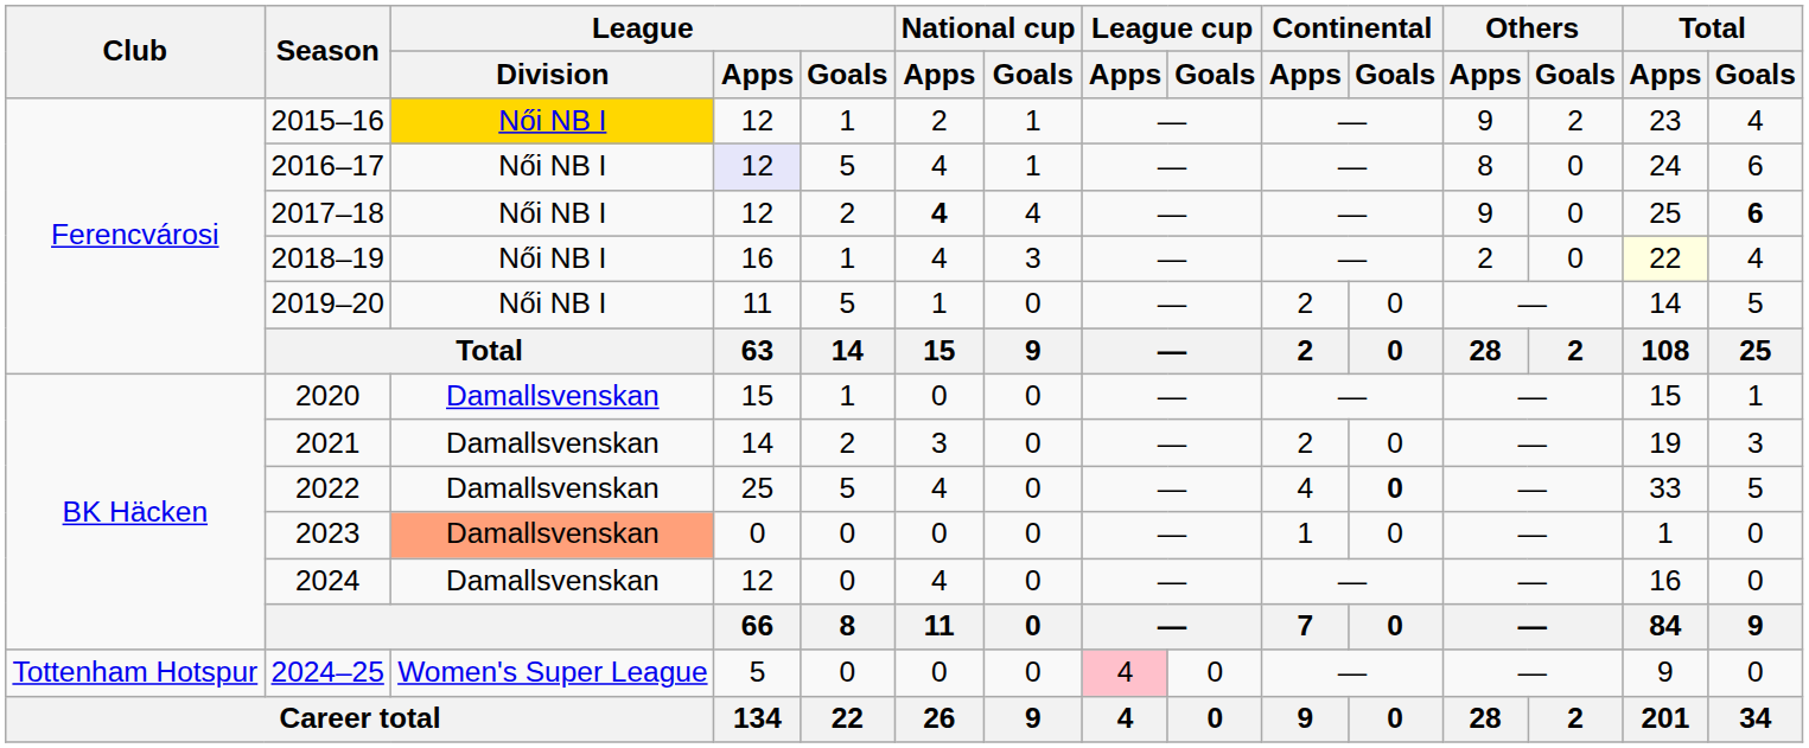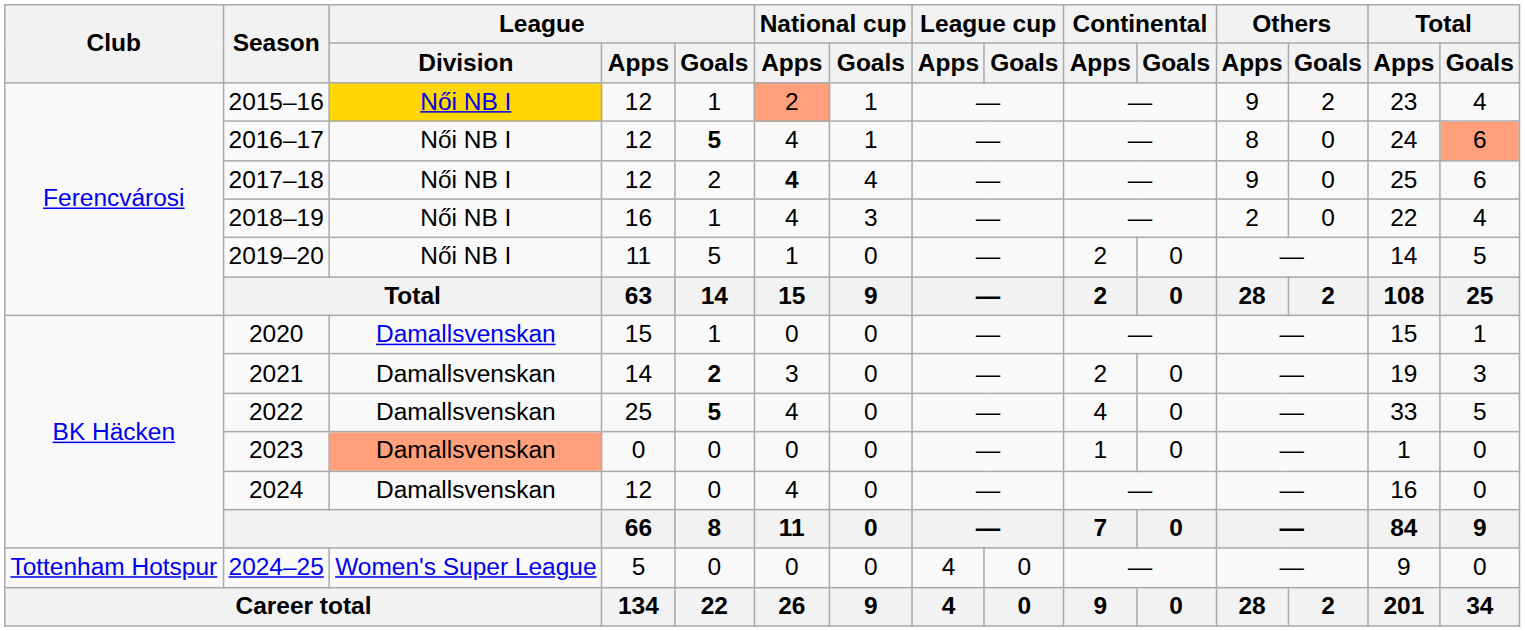 <table class="wikitable" style="text-align:center">
 <tr>
 <th rowspan="2">Club</th>
 <th rowspan="2">Season</th>
 <th colspan="3">League</th>
 <th colspan="2">National cup</th>
 <th colspan="2">League cup</th>
 <th colspan="2">Continental</th>
 <th colspan="2">Others</th>
 <th colspan="2">Total</th>
 </tr>
 <tr>
 <th>Division</th>
 <th>Apps</th>
 <th>Goals</th>
 <th>Apps</th>
 <th>Goals</th>
 <th>Apps</th>
 <th>Goals</th>
 <th>Apps</th>
 <th>Goals</th>
 <th>Apps</th>
 <th>Goals</th>
 <th>Apps</th>
 <th>Goals</th>
 </tr>
 <tr>
 <td rowspan="6"><a href='#'>Ferencvárosi</a></td>
 <td>2015–16</td>
 <td style="background: gold;"><a href='#'>Női NB I</a></td>
 <td>12</td>
 <td>1</td>
-<td>2</td>
+<td style="background: lightsalmon;">2</td>
 <td>1</td>
 <td colspan="2">—</td>
 <td colspan="2">—</td>
 <td>9</td>
 <td>2</td>
 <td>23</td>
 <td>4</td>
 </tr>
 <tr>
 <td>2016–17</td>
 <td>Női NB I</td>
-<td style="background: lavender;">12</td>
-<td>5</td>
+<td>12</td>
+<td><strong>5</strong></td>
 <td>4</td>
 <td>1</td>
 <td colspan="2">—</td>
 <td colspan="2">—</td>
 <td>8</td>
 <td>0</td>
 <td>24</td>
-<td>6</td>
+<td style="background: lightsalmon;">6</td>
 </tr>
 <tr>
 <td>2017–18</td>
 <td>Női NB I</td>
 <td>12</td>
 <td>2</td>
 <td><strong>4</strong></td>
 <td>4</td>
 <td colspan="2">—</td>
 <td colspan="2">—</td>
 <td>9</td>
 <td>0</td>
 <td>25</td>
-<td><strong>6</strong></td>
+<td>6</td>
 </tr>
 <tr>
 <td>2018–19</td>
 <td>Női NB I</td>
 <td>16</td>
 <td>1</td>
 <td>4</td>
 <td>3</td>
 <td colspan="2">—</td>
 <td colspan="2">—</td>
 <td>2</td>
 <td>0</td>
-<td style="background: lightyellow;">22</td>
+<td>22</td>
 <td>4</td>
 </tr>
 <tr>
 <td>2019–20</td>
 <td>Női NB I</td>
 <td>11</td>
 <td>5</td>
 <td>1</td>
 <td>0</td>
 <td colspan="2">—</td>
 <td>2</td>
 <td>0</td>
 <td colspan="2">—</td>
 <td>14</td>
 <td>5</td>
 </tr>
 <tr>
 <th colspan="2">Total</th>
 <th>63</th>
 <th>14</th>
 <th>15</th>
 <th>9</th>
 <th colspan="2">—</th>
 <th>2</th>
 <th>0</th>
 <th>28</th>
 <th>2</th>
 <th>108</th>
 <th>25</th>
 </tr>
 <tr>
 <td rowspan="6"><a href='#'>BK Häcken</a></td>
 <td>2020</td>
 <td><a href='#'>Damallsvenskan</a></td>
 <td>15</td>
 <td>1</td>
 <td>0</td>
 <td>0</td>
 <td colspan="2">—</td>
 <td colspan="2">—</td>
 <td colspan="2">—</td>
 <td>15</td>
 <td>1</td>
 </tr>
 <tr>
 <td>2021</td>
 <td>Damallsvenskan</td>
 <td>14</td>
-<td>2</td>
+<td><strong>2</strong></td>
 <td>3</td>
 <td>0</td>
 <td colspan="2">—</td>
 <td>2</td>
 <td>0</td>
 <td colspan="2">—</td>
 <td>19</td>
 <td>3</td>
 </tr>
 <tr>
 <td>2022</td>
 <td>Damallsvenskan</td>
 <td>25</td>
-<td>5</td>
+<td><strong>5</strong></td>
 <td>4</td>
 <td>0</td>
 <td colspan="2">—</td>
 <td>4</td>
-<td><strong>0</strong></td>
+<td>0</td>
 <td colspan="2">—</td>
 <td>33</td>
 <td>5</td>
 </tr>
 <tr>
 <td>2023</td>
 <td style="background: lightsalmon;">Damallsvenskan</td>
 <td>0</td>
 <td>0</td>
 <td>0</td>
 <td>0</td>
 <td colspan="2">—</td>
 <td>1</td>
 <td>0</td>
 <td colspan="2">—</td>
 <td>1</td>
 <td>0</td>
 </tr>
 <tr>
 <td>2024</td>
 <td>Damallsvenskan</td>
 <td>12</td>
 <td>0</td>
 <td>4</td>
 <td>0</td>
 <td colspan="2">—</td>
 <td colspan="2">—</td>
 <td colspan="2">—</td>
 <td>16</td>
 <td>0</td>
 </tr>
 <tr>
 <th colspan="2"></th>
 <th>66</th>
 <th>8</th>
 <th>11</th>
 <th>0</th>
 <th colspan="2">—</th>
 <th>7</th>
 <th>0</th>
 <th colspan="2">—</th>
 <th>84</th>
 <th>9</th>
 </tr>
 <tr>
 <td><a href='#'>Tottenham Hotspur</a></td>
 <td><a href='#'>2024–25</a></td>
 <td><a href='#'>Women's Super League</a></td>
 <td>5</td>
 <td>0</td>
 <td>0</td>
 <td>0</td>
-<td style="background: pink;">4</td>
+<td>4</td>
 <td>0</td>
 <td colspan="2">—</td>
 <td colspan="2">—</td>
 <td>9</td>
 <td>0</td>
 </tr>
 <tr>
 <th colspan="3">Career total</th>
 <th>134</th>
 <th>22</th>
 <th>26</th>
 <th>9</th>
 <th>4</th>
 <th>0</th>
 <th>9</th>
 <th>0</th>
 <th>28</th>
 <th>2</th>
 <th>201</th>
 <th>34</th>
 </tr>
 </table>
